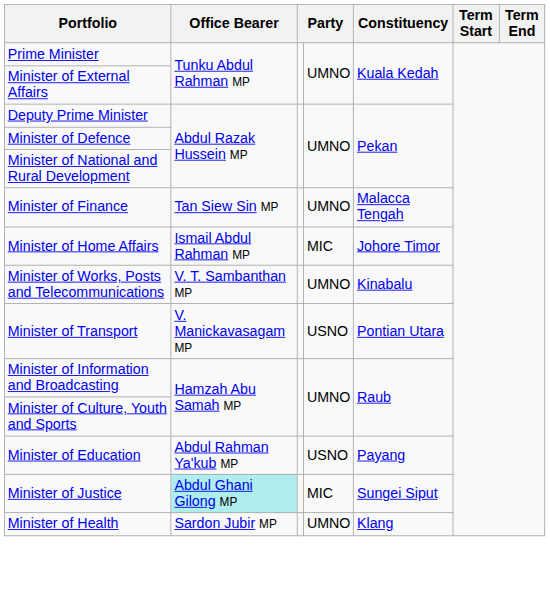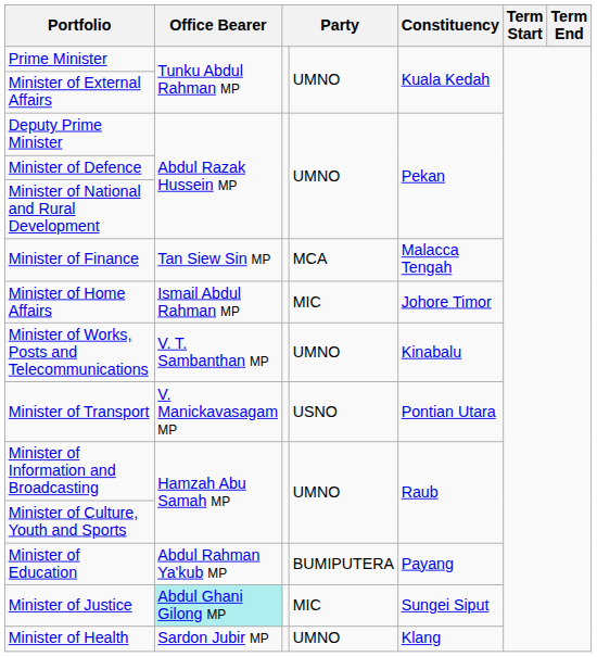 <table class="sortable wikitable">
 <tr>
 <th>Portfolio</th>
 <th>Office Bearer</th>
 <th colspan=2>Party</th>
 <th>Constituency</th>
 <th>Term Start</th>
 <th>Term End</th>
 </tr>
 <tr>
 <td><a href='#'>Prime Minister</a></td>
 <td rowspan=2><a href='#'>Tunku Abdul Rahman</a> <small>MP</small></td>
 <td rowspan=2></td>
 <td rowspan=2>UMNO</td>
 <td rowspan=2><a href='#'>Kuala Kedah</a></td>
 </tr>
 <tr>
 <td><a href='#'>Minister of External Affairs</a></td>
 </tr>
 <tr>
 <td><a href='#'>Deputy Prime Minister</a></td>
 <td rowspan=3><a href='#'>Abdul Razak Hussein</a> <small>MP</small></td>
 <td rowspan=3></td>
 <td rowspan=3>UMNO</td>
 <td rowspan=3><a href='#'>Pekan</a></td>
 </tr>
 <tr>
 <td><a href='#'>Minister of Defence</a></td>
 </tr>
 <tr>
 <td><a href='#'>Minister of National and Rural Development</a></td>
 </tr>
 <tr>
 <td><a href='#'>Minister of Finance</a></td>
 <td><a href='#'>Tan Siew Sin</a> <small>MP</small></td>
 <td rowspan=1></td>
-<td>UMNO</td>
+<td>MCA</td>
 <td><a href='#'>Malacca Tengah</a></td>
 </tr>
 <tr>
 <td><a href='#'>Minister of Home Affairs</a></td>
 <td><a href='#'>Ismail Abdul Rahman</a> <small>MP</small></td>
 <td rowspan=1></td>
 <td>MIC</td>
 <td><a href='#'>Johore Timor</a></td>
 </tr>
 <tr>
 <td><a href='#'>Minister of Works, Posts and Telecommunications</a></td>
 <td><a href='#'>V. T. Sambanthan</a> <small>MP</small></td>
 <td rowspan=1></td>
 <td>UMNO</td>
 <td><a href='#'>Kinabalu</a></td>
 </tr>
 <tr>
 <td><a href='#'>Minister of Transport</a></td>
 <td><a href='#'>V. Manickavasagam</a> <small>MP</small></td>
 <td rowspan=1></td>
 <td>USNO</td>
 <td><a href='#'>Pontian Utara</a></td>
 </tr>
 <tr>
 <td><a href='#'>Minister of Information and Broadcasting</a></td>
 <td rowspan=2><a href='#'>Hamzah Abu Samah</a> <small>MP</small></td>
 <td rowspan=2></td>
 <td rowspan=2>UMNO</td>
 <td rowspan=2><a href='#'>Raub</a></td>
 </tr>
 <tr>
 <td><a href='#'>Minister of Culture, Youth and Sports</a></td>
 </tr>
 <tr>
 <td><a href='#'>Minister of Education</a></td>
 <td><a href='#'>Abdul Rahman Ya'kub</a> <small>MP</small></td>
 <td rowspan=1></td>
-<td>USNO</td>
+<td>BUMIPUTERA</td>
 <td><a href='#'>Payang</a></td>
 </tr>
 <tr>
 <td><a href='#'>Minister of Justice</a></td>
 <td style="background: paleturquoise;"><a href='#'>Abdul Ghani Gilong</a> <small>MP</small></td>
 <td rowspan=1></td>
 <td>MIC</td>
 <td><a href='#'>Sungei Siput</a></td>
 </tr>
 <tr>
 <td><a href='#'>Minister of Health</a></td>
 <td><a href='#'>Sardon Jubir</a> <small>MP</small></td>
 <td rowspan=1></td>
 <td>UMNO</td>
 <td><a href='#'>Klang</a></td>
 </tr>
 </table>
